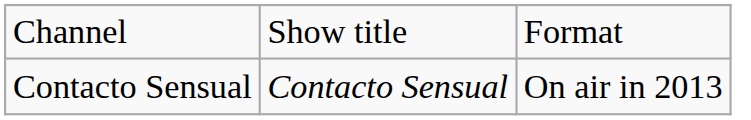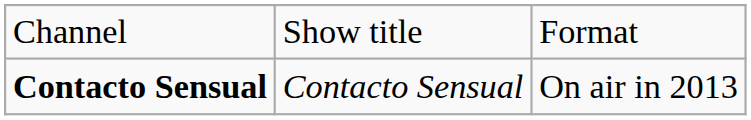 <table class="wikitable">
 <tr>
 <td>Channel</td>
 <td>Show title</td>
 <td>Format</td>
 </tr>
 <tr>
-<td>Contacto Sensual</td>
+<td><strong>Contacto Sensual</strong></td>
 <td><em>Contacto Sensual</em></td>
 <td>On air in 2013</td>
 </tr>
 </table>
